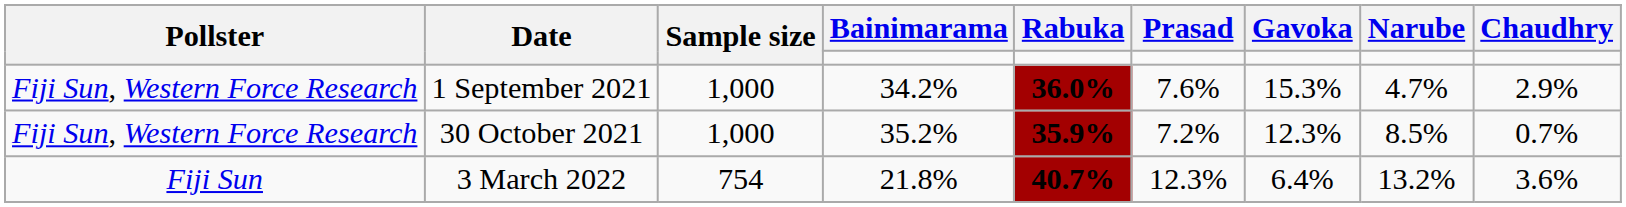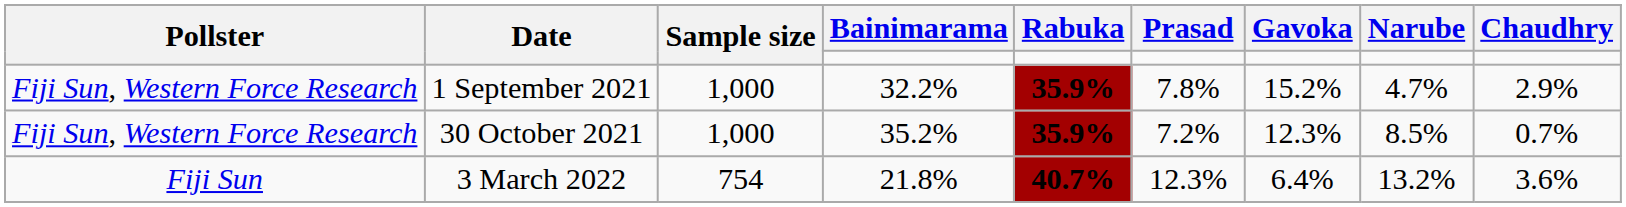 <table class=wikitable style="text-align:center; font-size:95%; line-height:16px;">
 <tr>
 <th rowspan=2>Pollster</th>
 <th rowspan=2>Date</th>
 <th rowspan=2>Sample size</th>
 <th style="width:50px;"><a href='#'>Bainimarama</a></th>
 <th style="width:50px;"><a href='#'>Rabuka</a></th>
 <th style="width:50px;"><a href='#'>Prasad</a></th>
 <th style="width:50px;"><a href='#'>Gavoka</a></th>
 <th style="width:50px;"><a href='#'>Narube</a></th>
 <th style="width:50px;"><a href='#'>Chaudhry</a></th>
 </tr>
 <tr>
 <td style="background:"></td>
 <td style="background:"></td>
 <td style="background:"></td>
 <td style="background:"></td>
 <td style="background:"></td>
 <td style="background:"></td>
 </tr>
 <tr>
 <td><em><a href='#'>Fiji Sun</a></em>, <em><a href='#'>Western Force Research</a></em></td>
 <td>1 September 2021</td>
 <td>1,000</td>
-<td>34.2%</td>
-<th style="background:#A30001"><strong>36.0%</strong></th>
-<td>7.6%</td>
-<td>15.3%</td>
+<td>32.2%</td>
+<th style="background:#A30001"><strong>35.9%</strong></th>
+<td>7.8%</td>
+<td>15.2%</td>
 <td>4.7%</td>
 <td>2.9%</td>
 </tr>
 <tr>
 <td><em><a href='#'>Fiji Sun</a></em>, <em><a href='#'>Western Force Research</a></em></td>
 <td>30 October 2021</td>
 <td>1,000</td>
 <td>35.2%</td>
 <th style="background:#A30001"><strong>35.9%</strong></th>
 <td>7.2%</td>
 <td>12.3%</td>
 <td>8.5%</td>
 <td>0.7%</td>
 </tr>
 <tr>
 <td><em><a href='#'>Fiji Sun</a></em></td>
 <td>3 March 2022</td>
 <td>754</td>
 <td>21.8%</td>
 <th style="background:#A30001"><strong>40.7%</strong></th>
 <td>12.3%</td>
 <td>6.4%</td>
 <td>13.2%</td>
 <td>3.6%</td>
 </tr>
 </table>
